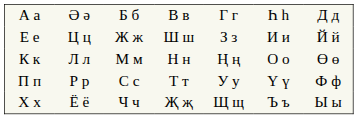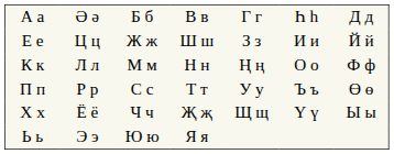 <table style="font-family:Arial Unicode MS; font-size:1.4em; border-color:#000000; border-width:1px; border-style:solid; border-collapse:collapse; background-color:#F8F8EF">
 <tr>
 <td style="width:3em; text-align:center; padding: 3px;">А а</td>
 <td style="width:3em; text-align:center; padding: 3px;">Ә ә</td>
 <td style="width:3em; text-align:center; padding: 3px;">Б б</td>
 <td style="width:3em; text-align:center; padding: 3px;">В в</td>
 <td style="width:3em; text-align:center; padding: 3px;">Г г</td>
 <td style="width:3em; text-align:center; padding: 3px;">Һ һ</td>
 <td style="width:3em; text-align:center; padding: 3px;">Д д</td>
 </tr>
 <tr>
 <td style="width:3em; text-align:center; padding: 3px;">Е е</td>
 <td style="width:3em; text-align:center; padding: 3px;">Ц ц</td>
 <td style="width:3em; text-align:center; padding: 3px;">Ж ж</td>
 <td style="width:3em; text-align:center; padding: 3px;">Ш ш</td>
 <td style="width:3em; text-align:center; padding: 3px;">З з</td>
 <td style="width:3em; text-align:center; padding: 3px;">И и</td>
 <td style="width:3em; text-align:center; padding: 3px;">Й й</td>
 </tr>
 <tr>
 <td style="width:3em; text-align:center; padding: 3px;">К к</td>
 <td style="width:3em; text-align:center; padding: 3px;">Л л</td>
 <td style="width:3em; text-align:center; padding: 3px;">М м</td>
 <td style="width:3em; text-align:center; padding: 3px;">Н н</td>
 <td style="width:3em; text-align:center; padding: 3px;">Ң ң</td>
 <td style="width:3em; text-align:center; padding: 3px;">О о</td>
-<td style="width:3em; text-align:center; padding: 3px;">Ө ө</td>
+<td style="width:3em; text-align:center; padding: 3px;">Ф ф</td>
 </tr>
 <tr>
 <td style="width:3em; text-align:center; padding: 3px;">П п</td>
 <td style="width:3em; text-align:center; padding: 3px;">Р р</td>
 <td style="width:3em; text-align:center; padding: 3px;">С с</td>
 <td style="width:3em; text-align:center; padding: 3px;">Т т</td>
 <td style="width:3em; text-align:center; padding: 3px;">У у</td>
-<td style="width:3em; text-align:center; padding: 3px;">Ү ү</td>
-<td style="width:3em; text-align:center; padding: 3px;">Ф ф</td>
+<td style="width:3em; text-align:center; padding: 3px;">Ъ ъ</td>
+<td style="width:3em; text-align:center; padding: 3px;">Ө ө</td>
 </tr>
 <tr>
 <td style="width:3em; text-align:center; padding: 3px;">Х х</td>
 <td style="width:3em; text-align:center; padding: 3px;">Ё ё</td>
 <td style="width:3em; text-align:center; padding: 3px;">Ч ч</td>
 <td style="width:3em; text-align:center; padding: 3px;">Җ җ</td>
 <td style="width:3em; text-align:center; padding: 3px;">Щ щ</td>
-<td style="width:3em; text-align:center; padding: 3px;">Ъ ъ</td>
+<td style="width:3em; text-align:center; padding: 3px;">Ү ү</td>
 <td style="width:3em; text-align:center; padding: 3px;">Ы ы</td>
 </tr>
+<tr>
+<td style="width:3em; text-align:center; padding: 3px;">Ь ь</td>
+<td style="width:3em; text-align:center; padding: 3px;">Э э</td>
+<td style="width:3em; text-align:center; padding: 3px;">Ю ю</td>
+<td style="width:3em; text-align:center; padding: 3px;">Я я</td>
+<td></td>
+<td></td>
+<td></td>
+</tr>
 </table>
